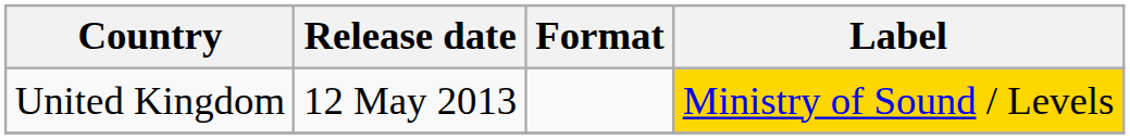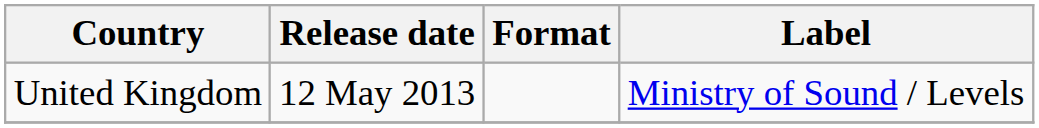 <table class="wikitable plainrowheaders">
 <tr>
 <th scope="col">Country</th>
 <th scope="col">Release date</th>
 <th scope="col">Format</th>
 <th scope="col">Label</th>
 </tr>
 <tr>
 <td>United Kingdom</td>
 <td>12 May 2013</td>
 <td></td>
-<td style="background: gold;"><a href='#'>Ministry of Sound</a> / Levels</td>
+<td><a href='#'>Ministry of Sound</a> / Levels</td>
 </tr>
 <tr>
 </tr>
 </table>
